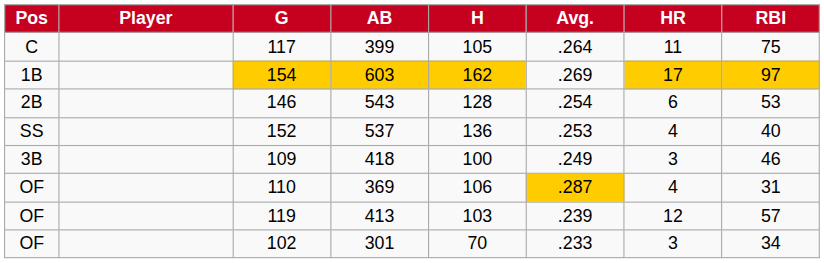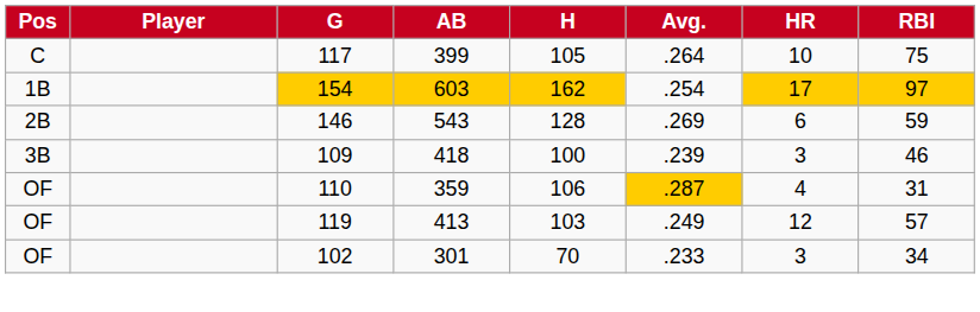 <table class="wikitable sortable">
 <tr>
 <th style="background:#C6011F;color:white;" width="5%">Pos</th>
 <th style="background:#C6011F;color:white;" width="16%">Player</th>
 <th style="background:#C6011F;color:white;" width="9%">G</th>
 <th style="background:#C6011F;color:white;" width="9%">AB</th>
 <th style="background:#C6011F;color:white;" width="9%">H</th>
 <th style="background:#C6011F;color:white;" width="9%">Avg.</th>
 <th style="background:#C6011F;color:white;" width="9%">HR</th>
 <th style="background:#C6011F;color:white;" width="9%">RBI</th>
 </tr>
 <tr align="center">
 <td>C</td>
 <td></td>
 <td>117</td>
 <td>399</td>
 <td>105</td>
 <td>.264</td>
-<td>11</td>
+<td>10</td>
 <td>75</td>
 </tr>
 <tr align="center">
 <td>1B</td>
 <td></td>
 <td style="background:#fc0;">154</td>
 <td style="background:#fc0;">603</td>
 <td style="background:#fc0;">162</td>
-<td>.269</td>
+<td>.254</td>
 <td style="background:#fc0;">17</td>
 <td style="background:#fc0;">97</td>
 </tr>
 <tr align="center">
 <td>2B</td>
 <td></td>
 <td>146</td>
 <td>543</td>
 <td>128</td>
-<td>.254</td>
+<td>.269</td>
 <td>6</td>
-<td>53</td>
-</tr>
-<tr align="center">
-<td>SS</td>
-<td></td>
-<td>152</td>
-<td>537</td>
-<td>136</td>
-<td>.253</td>
-<td>4</td>
-<td>40</td>
+<td>59</td>
 </tr>
 <tr align="center">
 <td>3B</td>
 <td></td>
 <td>109</td>
 <td>418</td>
 <td>100</td>
-<td>.249</td>
+<td>.239</td>
 <td>3</td>
 <td>46</td>
 </tr>
 <tr align="center">
 <td>OF</td>
 <td></td>
 <td>110</td>
-<td>369</td>
+<td>359</td>
 <td>106</td>
 <td style="background:#fc0;">.287</td>
 <td>4</td>
 <td>31</td>
 </tr>
 <tr align="center">
 <td>OF</td>
 <td></td>
 <td>119</td>
 <td>413</td>
 <td>103</td>
-<td>.239</td>
+<td>.249</td>
 <td>12</td>
 <td>57</td>
 </tr>
 <tr align="center">
 <td>OF</td>
 <td></td>
 <td>102</td>
 <td>301</td>
 <td>70</td>
 <td>.233</td>
 <td>3</td>
 <td>34</td>
 </tr>
 </table>
